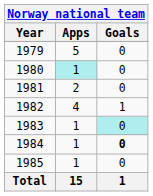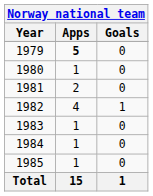 <table class="wikitable" style="text-align:center">
 <tr>
 <th colspan=3><a href='#'>Norway national team</a></th>
 </tr>
 <tr>
 <th>Year</th>
 <th>Apps</th>
 <th>Goals</th>
 </tr>
 <tr>
 </tr>
 <tr>
 <td>1979</td>
-<td>5</td>
+<td><strong>5</strong></td>
 <td>0</td>
 </tr>
 <tr>
 <td>1980</td>
-<td style="background: paleturquoise;">1</td>
+<td>1</td>
 <td>0</td>
 </tr>
 <tr>
 <td>1981</td>
 <td>2</td>
 <td>0</td>
 </tr>
 <tr>
 <td>1982</td>
 <td>4</td>
 <td>1</td>
 </tr>
 <tr>
 <td>1983</td>
 <td>1</td>
-<td style="background: paleturquoise;">0</td>
+<td>0</td>
 </tr>
 <tr>
 <td>1984</td>
 <td>1</td>
-<td><strong>0</strong></td>
+<td>0</td>
 </tr>
 <tr>
 <td>1985</td>
 <td>1</td>
 <td>0</td>
 </tr>
 <tr>
 <th>Total</th>
 <th>15</th>
 <th>1</th>
 </tr>
 </table>
